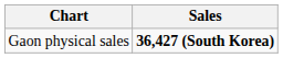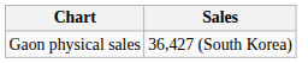 <table class="wikitable">
 <tr>
 <th>Chart</th>
 <th>Sales</th>
 </tr>
 <tr>
 <td>Gaon physical sales</td>
-<td align="center"><strong>36,427 (South Korea)</strong></td>
+<td align="center">36,427 (South Korea)</td>
 </tr>
 </table>
